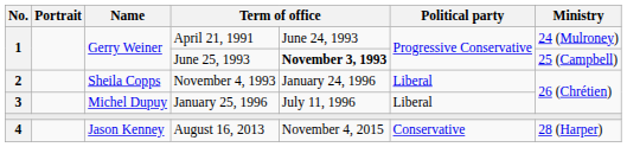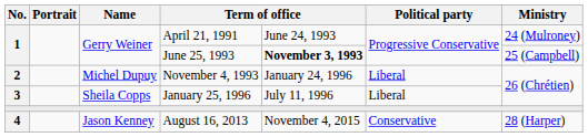 <table class="wikitable">
 <tr>
 <th>No.</th>
 <th>Portrait</th>
 <th>Name</th>
 <th colspan=2>Term of office</th>
 <th>Political party</th>
 <th>Ministry</th>
 </tr>
 <tr>
 <th rowspan=2 style="background:">1</th>
 <td rowspan=2></td>
 <td rowspan=2><a href='#'>Gerry Weiner</a></td>
 <td>April 21, 1991</td>
 <td>June 24, 1993</td>
 <td rowspan=2><a href='#'>Progressive Conservative</a></td>
 <td><a href='#'>24</a> (<a href='#'>Mulroney</a>)</td>
 </tr>
 <tr>
 <td>June 25, 1993</td>
 <td><strong>November 3, 1993</strong></td>
 <td><a href='#'>25</a> (<a href='#'>Campbell</a>)</td>
 </tr>
 <tr>
 <th style="background:">2</th>
 <td></td>
-<td><a href='#'>Sheila Copps</a></td>
+<td><a href='#'>Michel Dupuy</a></td>
 <td>November 4, 1993</td>
 <td>January 24, 1996</td>
 <td><a href='#'>Liberal</a></td>
 <td rowspan=2><a href='#'>26</a> (<a href='#'>Chrétien</a>)</td>
 </tr>
 <tr>
 <th style="background:">3</th>
 <td></td>
-<td><a href='#'>Michel Dupuy</a></td>
+<td><a href='#'>Sheila Copps</a></td>
 <td>January 25, 1996</td>
 <td>July 11, 1996</td>
 <td>Liberal</td>
 </tr>
 <tr>
 <td colspan=7 style="background: #ececec; color: #2C2C2C; vertical-align: middle;"></td>
 </tr>
 <tr>
 <th style="background:">4</th>
 <td></td>
 <td><a href='#'>Jason Kenney</a></td>
 <td>August 16, 2013</td>
 <td>November 4, 2015</td>
 <td><a href='#'>Conservative</a></td>
 <td><a href='#'>28</a> (<a href='#'>Harper</a>)</td>
 </tr>
 </table>
